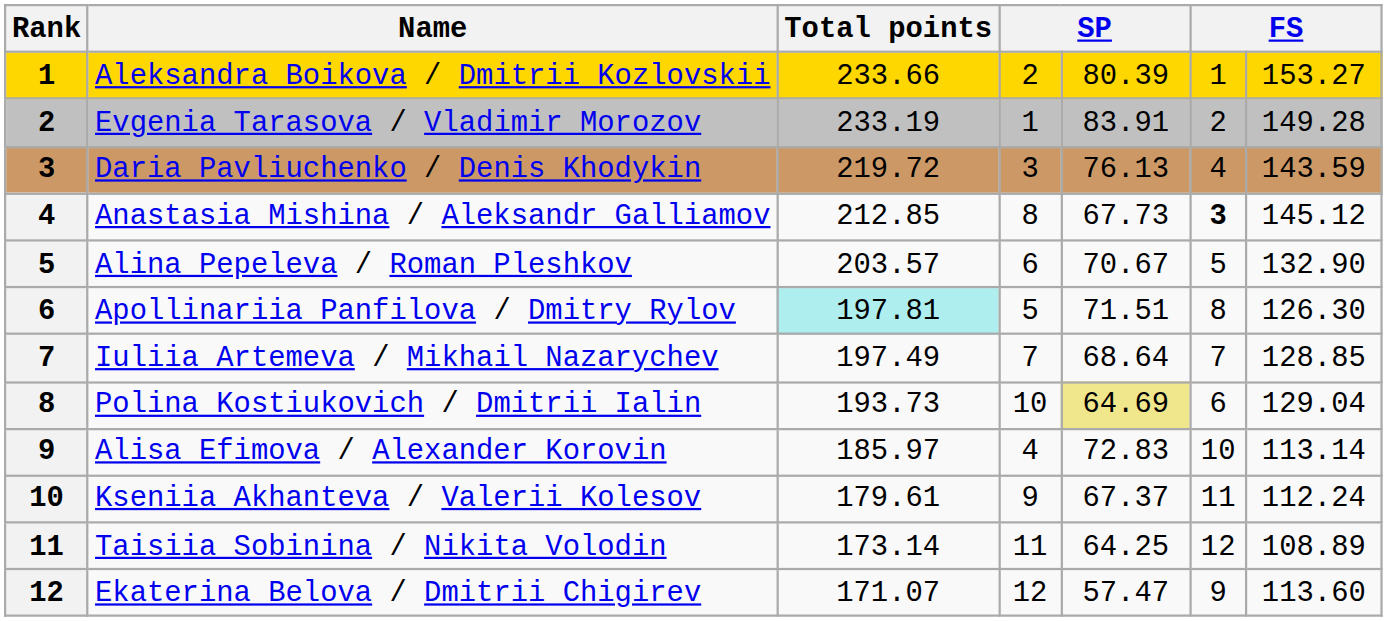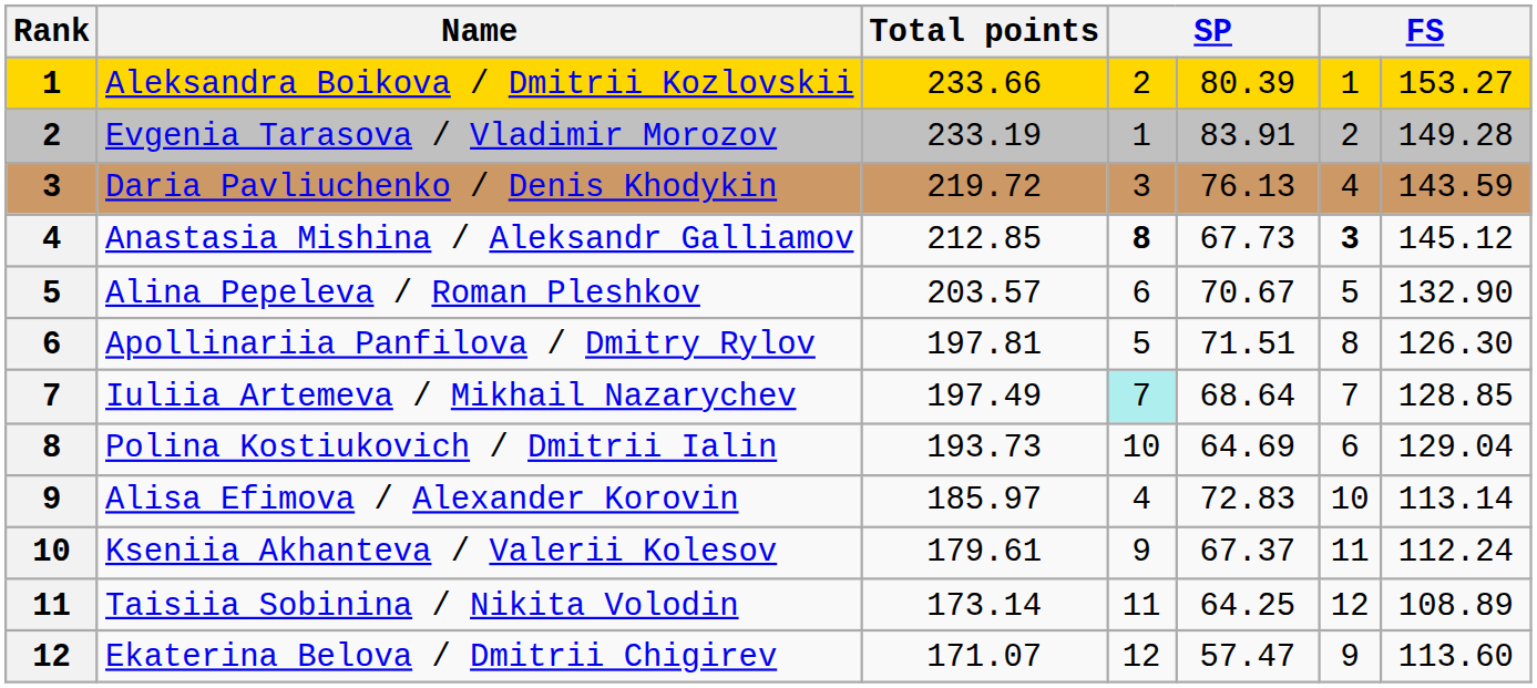 <table class="wikitable sortable">
 <tr>
 <th>Rank</th>
 <th>Name</th>
 <th>Total points</th>
 <th colspan="2" width="80px"><a href='#'>SP</a></th>
 <th colspan="2" width="80px"><a href='#'>FS</a></th>
 </tr>
 <tr bgcolor="gold">
 <td align="center"><strong>1</strong></td>
 <td><a href='#'>Aleksandra Boikova</a> / <a href='#'>Dmitrii Kozlovskii</a></td>
 <td align="center">233.66</td>
 <td align="center">2</td>
 <td align="center">80.39</td>
 <td align="center">1</td>
 <td align="center">153.27</td>
 </tr>
 <tr bgcolor="silver">
 <td align="center"><strong>2</strong></td>
 <td><a href='#'>Evgenia Tarasova</a> / <a href='#'>Vladimir Morozov</a></td>
 <td align="center">233.19</td>
 <td align="center">1</td>
 <td align="center">83.91</td>
 <td align="center">2</td>
 <td align="center">149.28</td>
 </tr>
 <tr bgcolor="cc9966">
 <td align="center"><strong>3</strong></td>
 <td><a href='#'>Daria Pavliuchenko</a> / <a href='#'>Denis Khodykin</a></td>
 <td align="center">219.72</td>
 <td align="center">3</td>
 <td align="center">76.13</td>
 <td align="center">4</td>
 <td align="center">143.59</td>
 </tr>
 <tr>
 <th>4</th>
 <td><a href='#'>Anastasia Mishina</a> / <a href='#'>Aleksandr Galliamov</a></td>
 <td align="center">212.85</td>
-<td align="center">8</td>
+<td align="center"><strong>8</strong></td>
 <td align="center">67.73</td>
 <td align="center"><strong>3</strong></td>
 <td align="center">145.12</td>
 </tr>
 <tr>
 <th>5</th>
 <td><a href='#'>Alina Pepeleva</a> / <a href='#'>Roman Pleshkov</a></td>
 <td align="center">203.57</td>
 <td align="center">6</td>
 <td align="center">70.67</td>
 <td align="center">5</td>
 <td align="center">132.90</td>
 </tr>
 <tr>
 <th>6</th>
 <td><a href='#'>Apollinariia Panfilova</a> / <a href='#'>Dmitry Rylov</a></td>
-<td align="center" style="background: paleturquoise;">197.81</td>
+<td align="center">197.81</td>
 <td align="center">5</td>
 <td align="center">71.51</td>
 <td align="center">8</td>
 <td align="center">126.30</td>
 </tr>
 <tr>
 <th>7</th>
 <td><a href='#'>Iuliia Artemeva</a> / <a href='#'>Mikhail Nazarychev</a></td>
 <td align="center">197.49</td>
-<td align="center">7</td>
+<td align="center" style="background: paleturquoise;">7</td>
 <td align="center">68.64</td>
 <td align="center">7</td>
 <td align="center">128.85</td>
 </tr>
 <tr>
 <th>8</th>
 <td><a href='#'>Polina Kostiukovich</a> / <a href='#'>Dmitrii Ialin</a></td>
 <td align="center">193.73</td>
 <td align="center">10</td>
-<td align="center" style="background: khaki;">64.69</td>
+<td align="center">64.69</td>
 <td align="center">6</td>
 <td align="center">129.04</td>
 </tr>
 <tr>
 <th>9</th>
 <td><a href='#'>Alisa Efimova</a> / <a href='#'>Alexander Korovin</a></td>
 <td align="center">185.97</td>
 <td align="center">4</td>
 <td align="center">72.83</td>
 <td align="center">10</td>
 <td align="center">113.14</td>
 </tr>
 <tr>
 <th>10</th>
 <td><a href='#'>Kseniia Akhanteva</a> / <a href='#'>Valerii Kolesov</a></td>
 <td align="center">179.61</td>
 <td align="center">9</td>
 <td align="center">67.37</td>
 <td align="center">11</td>
 <td align="center">112.24</td>
 </tr>
 <tr>
 <th>11</th>
 <td><a href='#'>Taisiia Sobinina</a> / <a href='#'>Nikita Volodin</a></td>
 <td align="center">173.14</td>
 <td align="center">11</td>
 <td align="center">64.25</td>
 <td align="center">12</td>
 <td align="center">108.89</td>
 </tr>
 <tr>
 <th>12</th>
 <td><a href='#'>Ekaterina Belova</a> / <a href='#'>Dmitrii Chigirev</a></td>
 <td align="center">171.07</td>
 <td align="center">12</td>
 <td align="center">57.47</td>
 <td align="center">9</td>
 <td align="center">113.60</td>
 </tr>
 </table>
